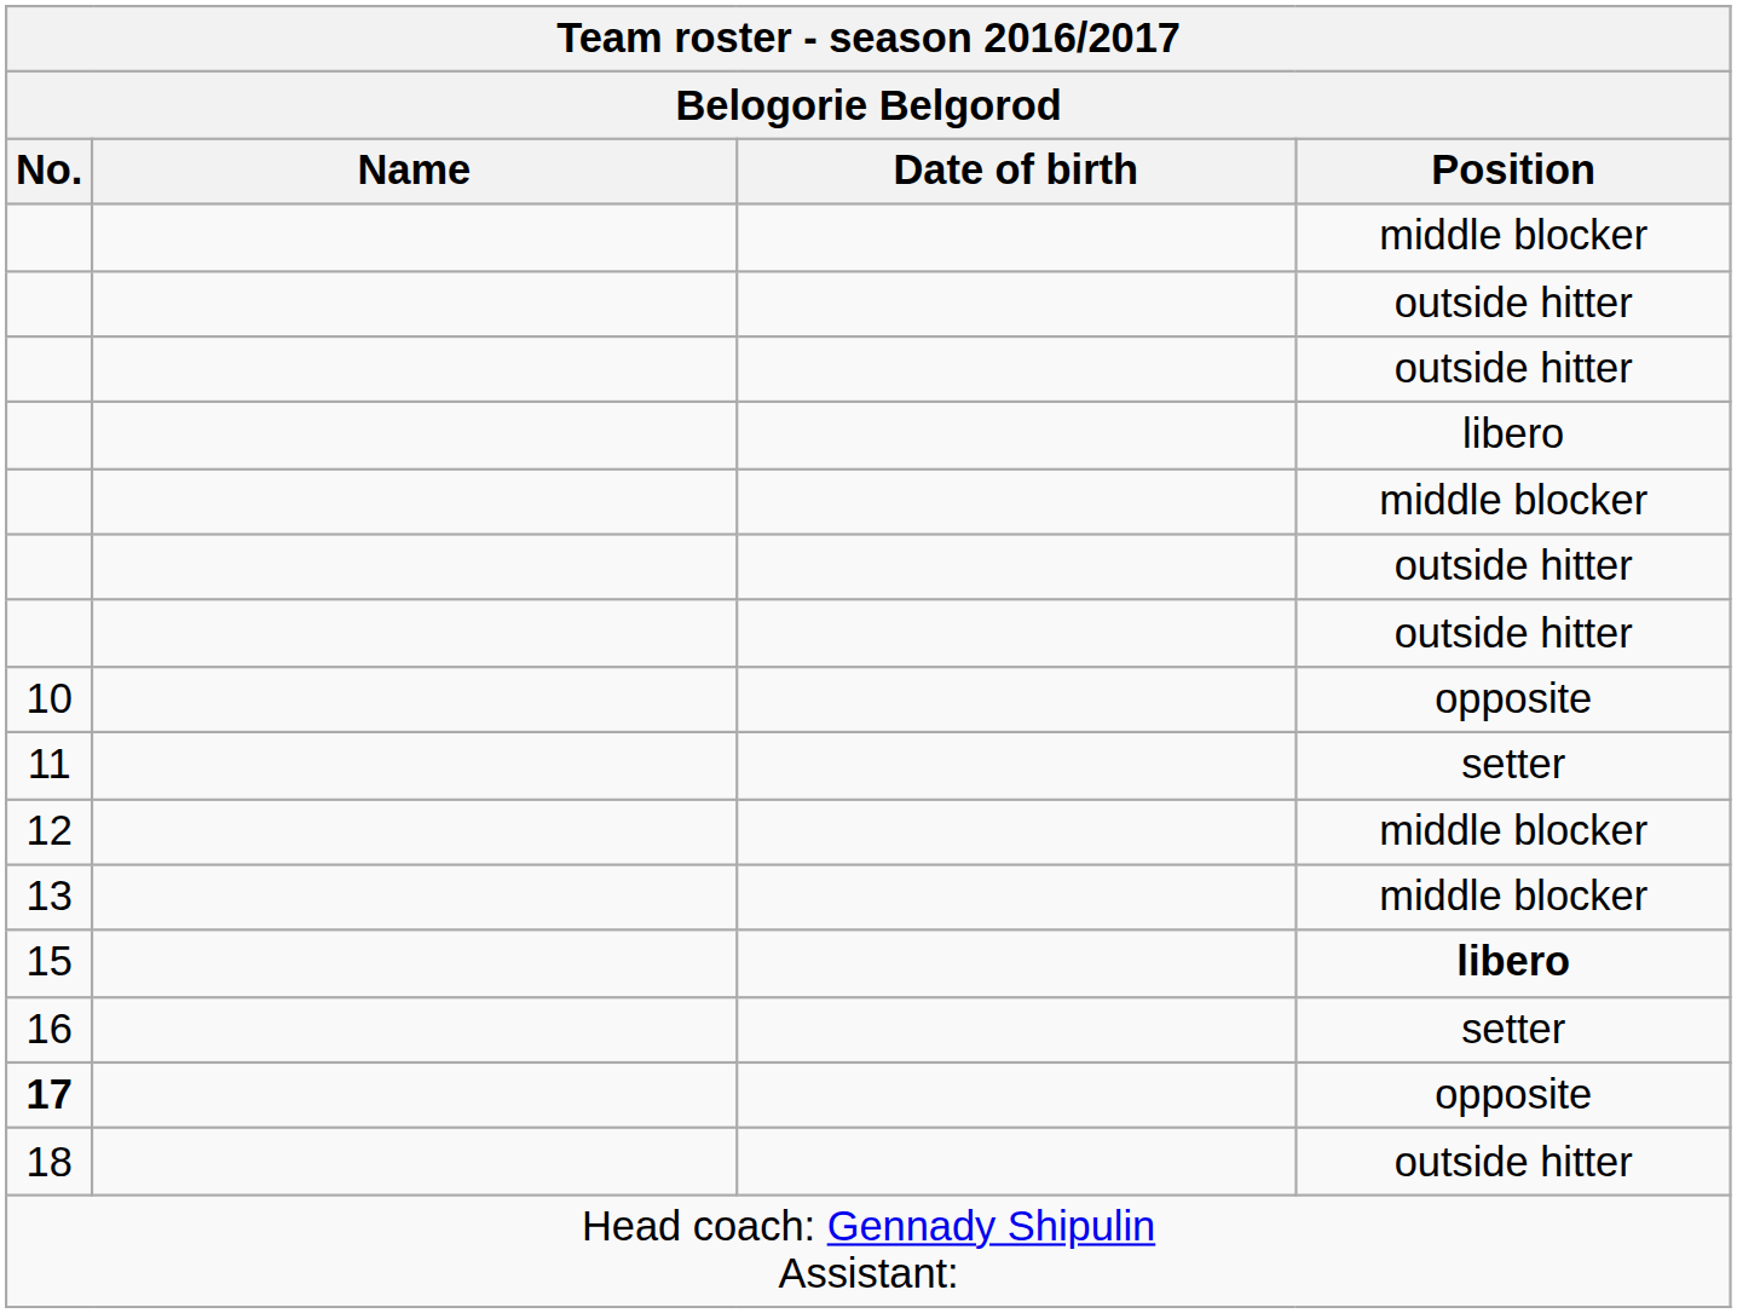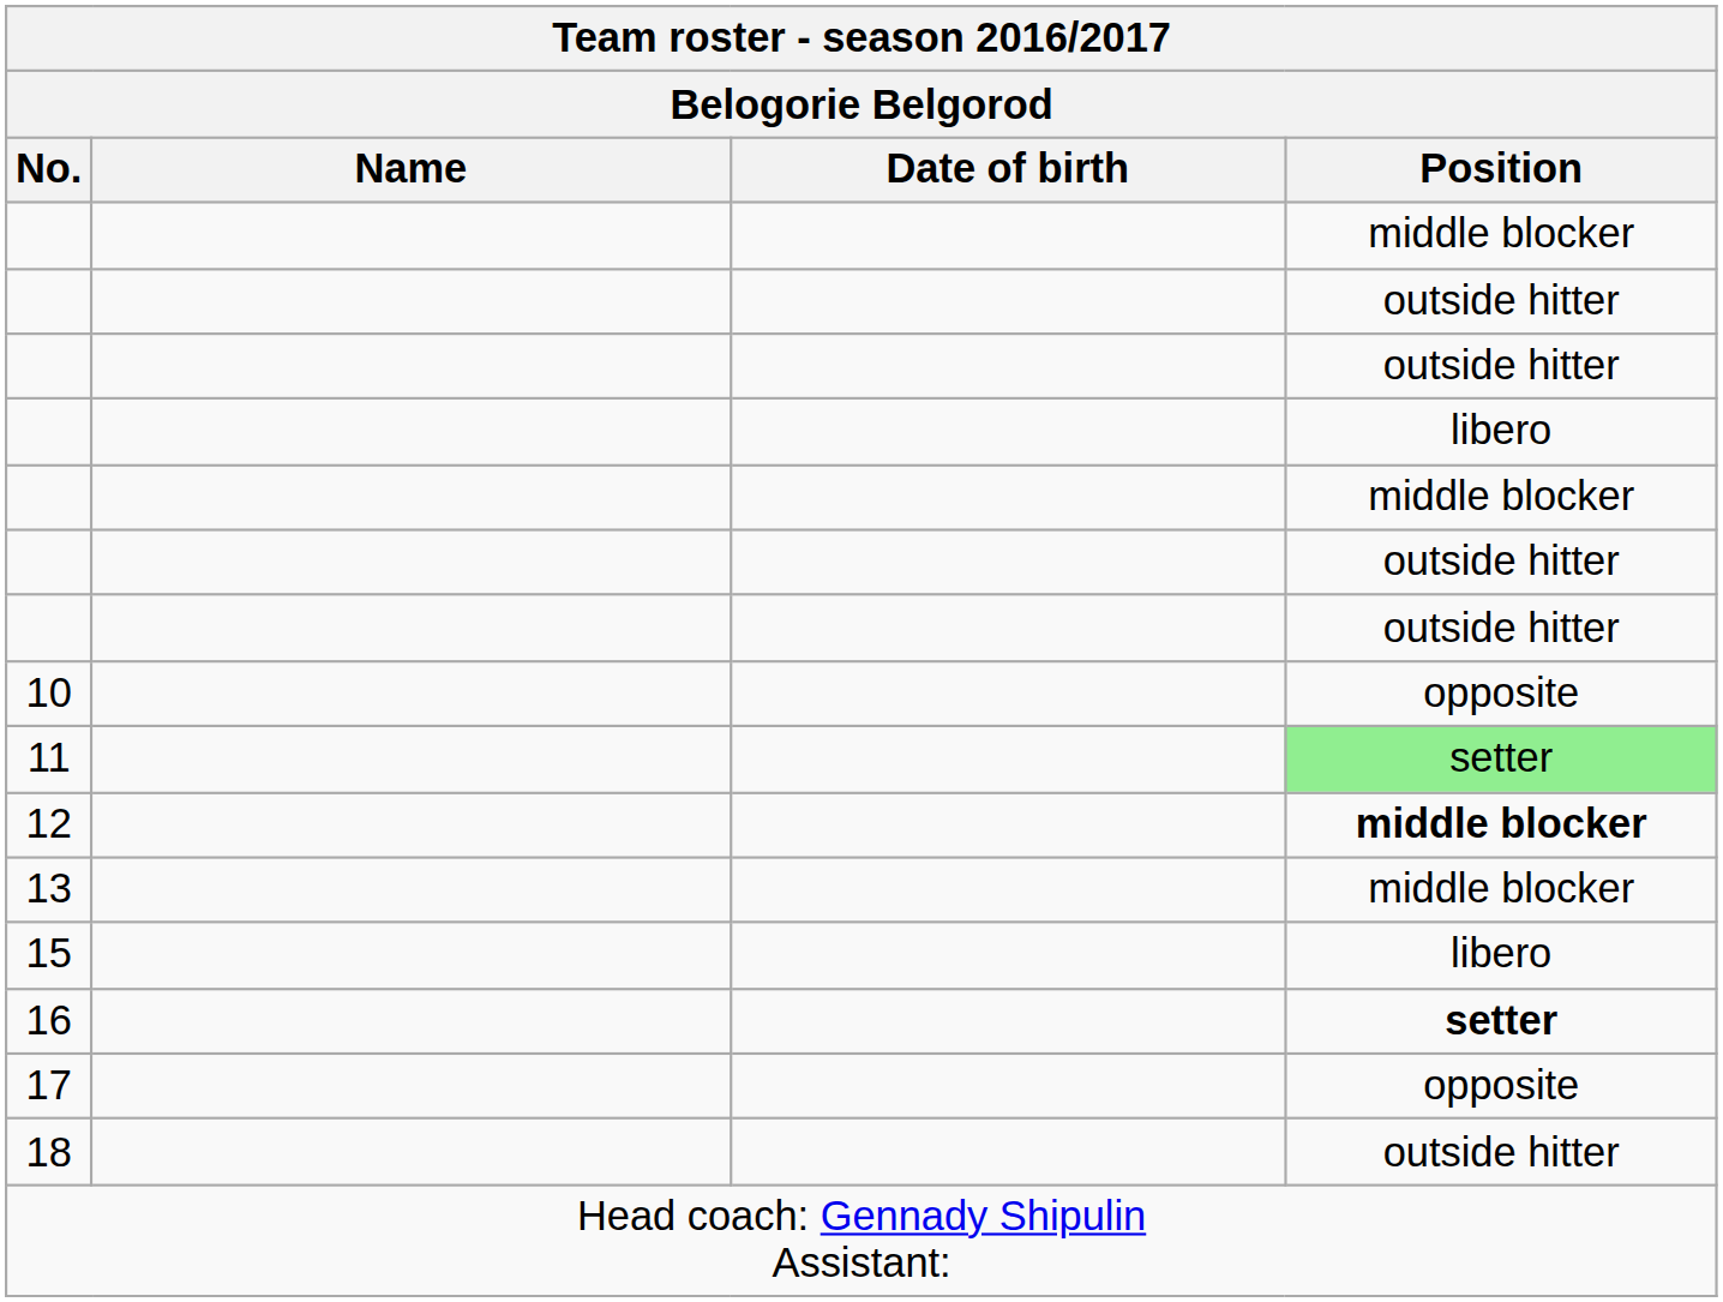 <table class="wikitable collapsible collapsed sortable" style="font-size:100%; text-align:center;">
 <tr>
 <th colspan=6>Team roster - season 2016/2017</th>
 </tr>
 <tr>
 <th colspan=6>Belogorie Belgorod</th>
 </tr>
 <tr>
 <th>No.</th>
 <th style="width:15em">Name</th>
 <th style="width:13em">Date of birth</th>
 <th style="width:10em">Position</th>
 </tr>
 <tr>
 <td></td>
 <td align=left> </td>
 <td align=right></td>
 <td>middle blocker</td>
 </tr>
 <tr>
 <td></td>
 <td align=left> </td>
 <td align=right></td>
 <td>outside hitter</td>
 </tr>
 <tr>
 <td></td>
 <td align=left> </td>
 <td align=right></td>
 <td>outside hitter</td>
 </tr>
 <tr>
 <td></td>
 <td align=left> </td>
 <td align=right></td>
 <td>libero</td>
 </tr>
 <tr>
 <td></td>
 <td align=left> </td>
 <td align=right></td>
 <td>middle blocker</td>
 </tr>
 <tr>
 <td></td>
 <td align=left> </td>
 <td align=right></td>
 <td>outside hitter</td>
 </tr>
 <tr>
 <td></td>
 <td align=left> </td>
 <td align=right></td>
 <td>outside hitter</td>
 </tr>
 <tr>
 <td>10</td>
 <td align=left> </td>
 <td align=right></td>
 <td>opposite</td>
 </tr>
 <tr>
 <td>11</td>
 <td align=left> </td>
 <td align=right></td>
-<td>setter</td>
+<td style="background: lightgreen;">setter</td>
 </tr>
 <tr>
 <td>12</td>
 <td align=left> </td>
 <td align=right></td>
-<td>middle blocker</td>
+<td><strong>middle blocker</strong></td>
 </tr>
 <tr>
 <td>13</td>
 <td align=left> </td>
 <td align=right></td>
 <td>middle blocker</td>
 </tr>
 <tr>
 <td>15</td>
 <td align=left> </td>
 <td align=right></td>
-<td><strong>libero</strong></td>
+<td>libero</td>
 </tr>
 <tr>
 <td>16</td>
 <td align=left> </td>
 <td align=right></td>
-<td>setter</td>
+<td><strong>setter</strong></td>
 </tr>
 <tr>
-<td><strong>17</strong></td>
+<td>17</td>
 <td align=left> </td>
 <td align=right></td>
 <td>opposite</td>
 </tr>
 <tr>
 <td>18</td>
 <td align=left> </td>
 <td align=right></td>
 <td>outside hitter</td>
 </tr>
 <tr>
 <td colspan=4>Head coach: <a href='#'>Gennady Shipulin</a><br>Assistant:</td>
 </tr>
 </table>
